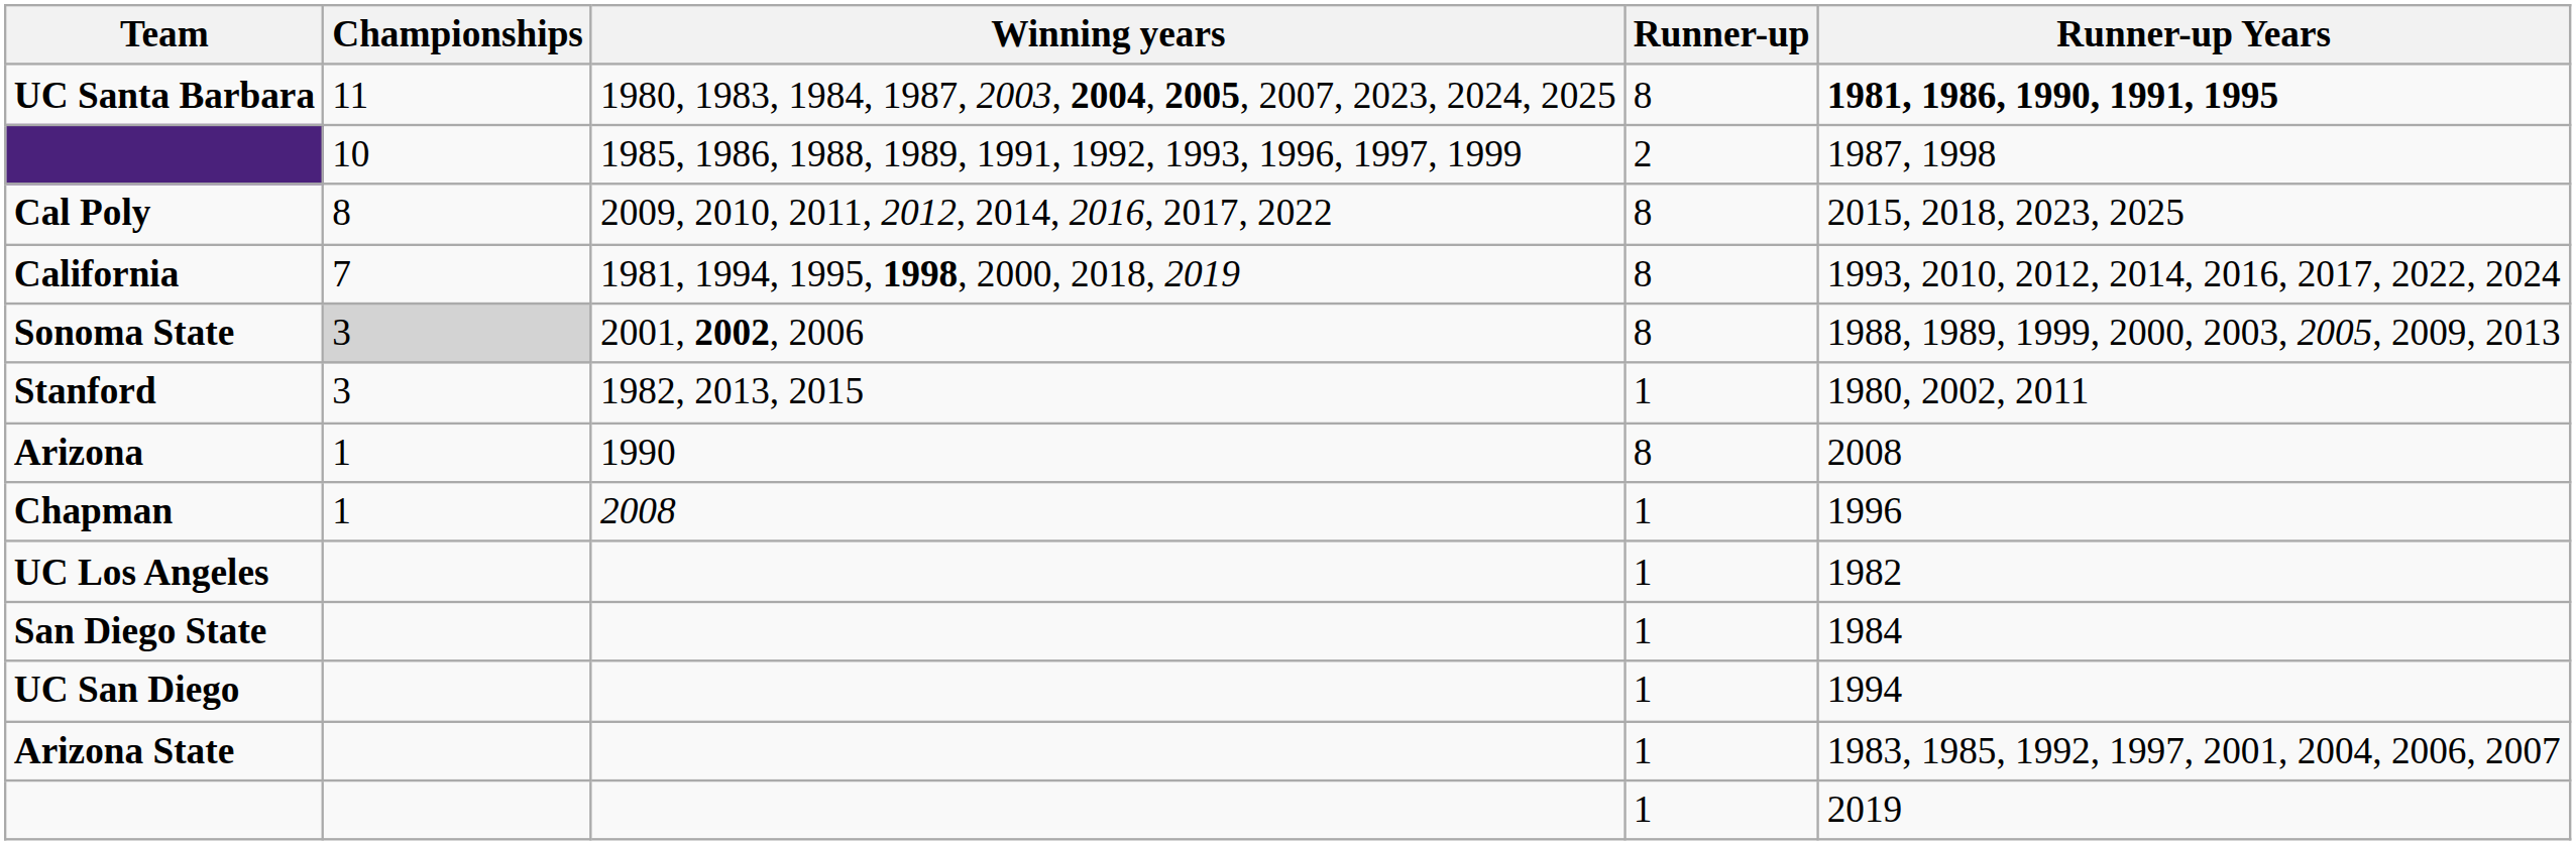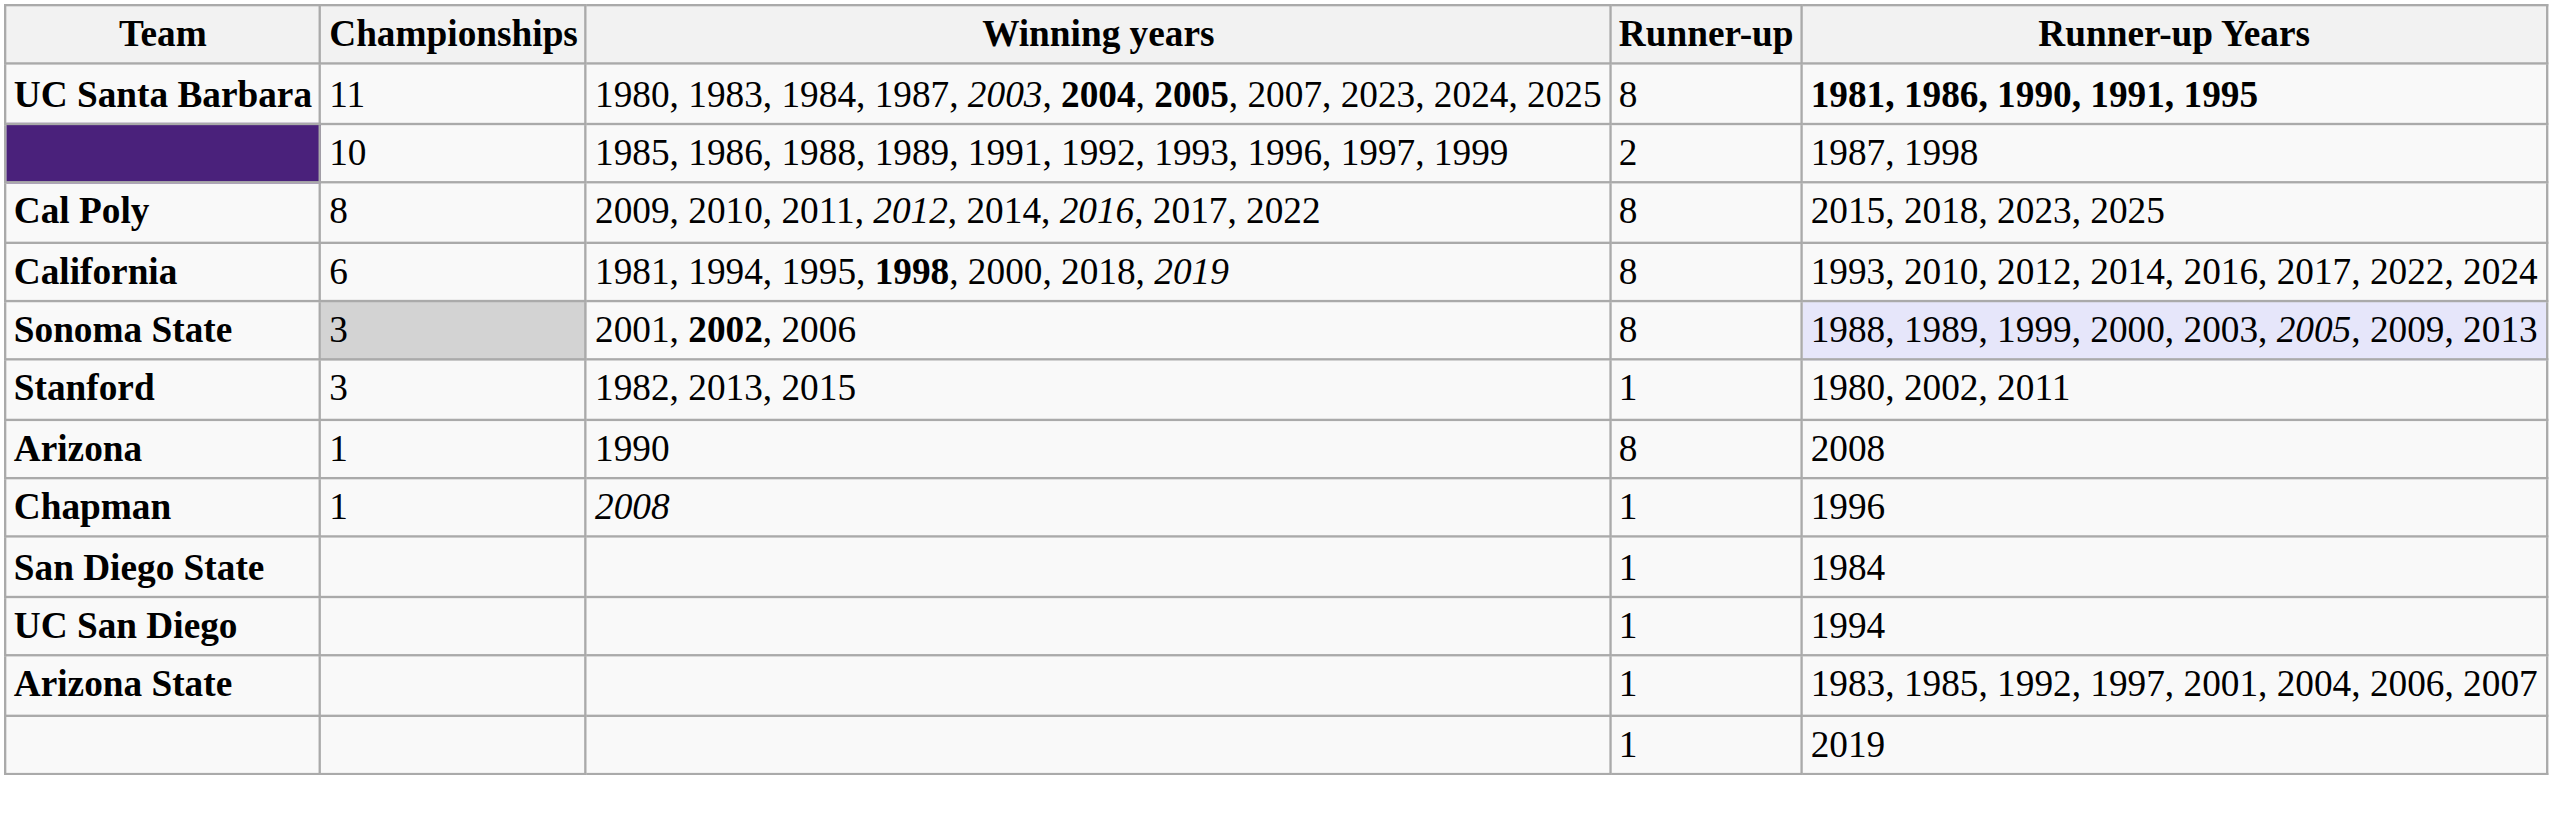 <table class="wikitable">
 <tr>
 <th>Team</th>
 <th>Championships</th>
 <th>Winning years</th>
 <th>Runner-up</th>
 <th>Runner-up Years</th>
 </tr>
 <tr>
 <td><strong>UC Santa Barbara</strong></td>
 <td>11</td>
 <td>1980, 1983, 1984, 1987, <em>2003</em>, <strong>2004</strong>, <strong>2005</strong>, 2007, 2023, 2024, 2025</td>
 <td>8</td>
 <td><strong>1981, 1986, 1990, 1991, 1995</strong></td>
 </tr>
 <tr>
 <td style="background: #4A217B"><strong></strong></td>
 <td>10</td>
 <td>1985, 1986, 1988, 1989, 1991, 1992, 1993, 1996, 1997, 1999</td>
 <td>2</td>
 <td>1987, 1998</td>
 </tr>
 <tr>
 <td><strong>Cal Poly</strong></td>
 <td>8</td>
 <td>2009, 2010, 2011, <em>2012</em>, 2014, <em>2016</em>, 2017, 2022</td>
 <td>8</td>
 <td>2015, 2018, 2023, 2025</td>
 </tr>
 <tr>
 <td><strong>California</strong></td>
-<td>7</td>
+<td>6</td>
 <td>1981, 1994, 1995, <strong>1998</strong>, 2000, 2018, <em>2019</em></td>
 <td>8</td>
 <td>1993, 2010, 2012, 2014, 2016, 2017, 2022, 2024</td>
 </tr>
 <tr>
 <td><strong>Sonoma State</strong></td>
 <td style="background: lightgrey;">3</td>
 <td>2001, <strong>2002</strong>, 2006</td>
 <td>8</td>
-<td>1988, 1989, 1999, 2000, 2003, <em>2005</em>, 2009, 2013</td>
+<td style="background: lavender;">1988, 1989, 1999, 2000, 2003, <em>2005</em>, 2009, 2013</td>
 </tr>
 <tr>
 <td><strong>Stanford</strong></td>
 <td>3</td>
 <td>1982, 2013, 2015</td>
 <td>1</td>
 <td>1980, 2002, 2011</td>
 </tr>
 <tr>
 <td><strong>Arizona</strong></td>
 <td>1</td>
 <td>1990</td>
 <td>8</td>
 <td>2008</td>
 </tr>
 <tr>
 <td><strong>Chapman</strong></td>
 <td>1</td>
 <td><em>2008</em></td>
 <td>1</td>
 <td>1996</td>
-</tr>
-<tr>
-<td><strong>UC Los Angeles</strong></td>
-<td></td>
-<td></td>
-<td>1</td>
-<td>1982</td>
 </tr>
 <tr>
 <td><strong>San Diego State</strong></td>
 <td></td>
 <td></td>
 <td>1</td>
 <td>1984</td>
 </tr>
 <tr>
 <td><strong>UC San Diego</strong></td>
 <td></td>
 <td></td>
 <td>1</td>
 <td>1994</td>
 </tr>
 <tr>
 <td><strong>Arizona State</strong></td>
 <td></td>
 <td></td>
 <td>1</td>
 <td>1983, 1985, 1992, 1997, 2001, 2004, 2006, 2007</td>
 </tr>
 <tr>
 <td><strong></strong></td>
 <td></td>
 <td></td>
 <td>1</td>
 <td>2019</td>
 </tr>
 </table>
